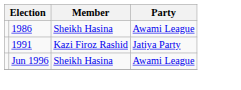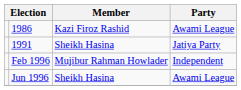 <table class="wikitable">
 <tr>
 <th colspan="2">Election</th>
 <th>Member</th>
 <th>Party</th>
 </tr>
 <tr>
 <td style="background-color:"></td>
 <td><a href='#'>1986</a></td>
-<td><a href='#'>Sheikh Hasina</a></td>
+<td><a href='#'>Kazi Firoz Rashid</a></td>
 <td><a href='#'>Awami League</a></td>
 </tr>
 <tr>
 <td style="background-color:"></td>
 <td><a href='#'>1991</a></td>
-<td><a href='#'>Kazi Firoz Rashid</a></td>
+<td><a href='#'>Sheikh Hasina</a></td>
 <td><a href='#'>Jatiya Party</a></td>
+</tr>
+<tr>
+<td style="background-color:"></td>
+<td><a href='#'>Feb 1996</a></td>
+<td><a href='#'>Mujibur Rahman Howlader</a></td>
+<td><a href='#'>Independent</a></td>
 </tr>
 <tr>
 <td style="background-color:"></td>
 <td><a href='#'>Jun 1996</a></td>
 <td><a href='#'>Sheikh Hasina</a></td>
 <td><a href='#'>Awami League</a></td>
 </tr>
 <tr>
 </tr>
 </table>
